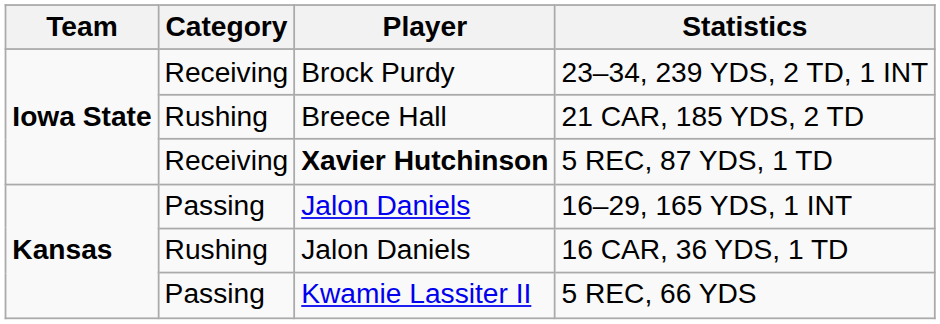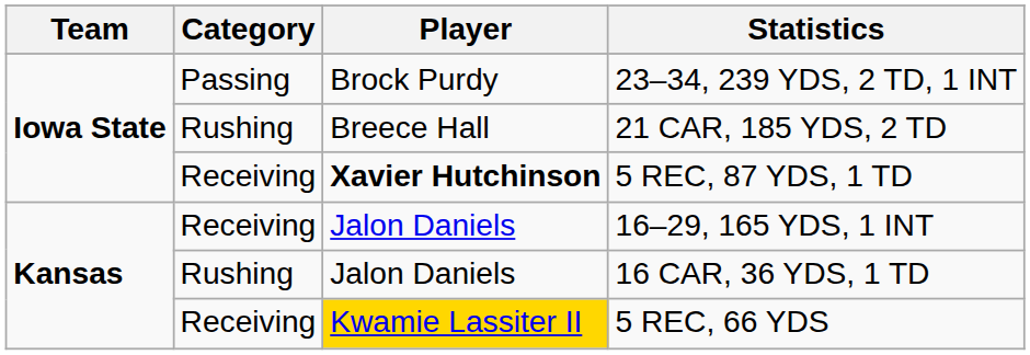 <table class="wikitable" style="float: right;">
 <tr>
 <th>Team</th>
 <th>Category</th>
 <th>Player</th>
 <th>Statistics</th>
 </tr>
 <tr>
 <td rowspan=3><strong>Iowa State</strong></td>
-<td>Receiving</td>
+<td>Passing</td>
 <td>Brock Purdy</td>
 <td>23–34, 239 YDS, 2 TD, 1 INT</td>
 </tr>
 <tr>
 <td>Rushing</td>
 <td>Breece Hall</td>
 <td>21 CAR, 185 YDS, 2 TD</td>
 </tr>
 <tr>
 <td>Receiving</td>
 <td><strong>Xavier Hutchinson</strong></td>
 <td>5 REC, 87 YDS, 1 TD</td>
 </tr>
 <tr>
 <td rowspan=3><strong>Kansas</strong></td>
-<td>Passing</td>
+<td>Receiving</td>
 <td><a href='#'>Jalon Daniels</a></td>
 <td>16–29, 165 YDS, 1 INT</td>
 </tr>
 <tr>
 <td>Rushing</td>
 <td>Jalon Daniels</td>
 <td>16 CAR, 36 YDS, 1 TD</td>
 </tr>
 <tr>
-<td>Passing</td>
-<td><a href='#'>Kwamie Lassiter II</a></td>
+<td>Receiving</td>
+<td style="background: gold;"><a href='#'>Kwamie Lassiter II</a></td>
 <td>5 REC, 66 YDS</td>
 </tr>
 </table>
